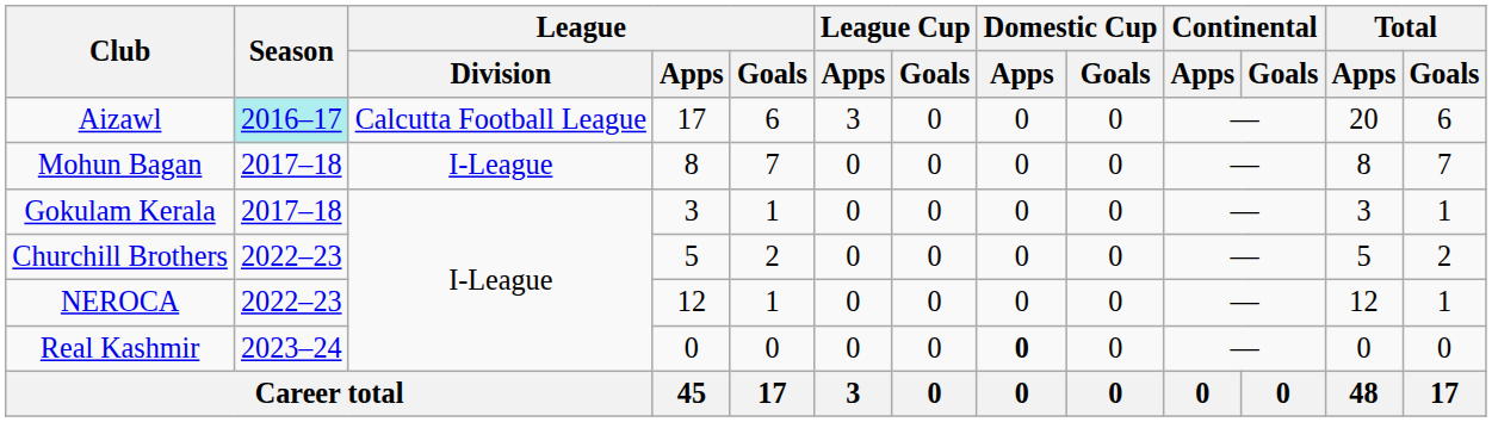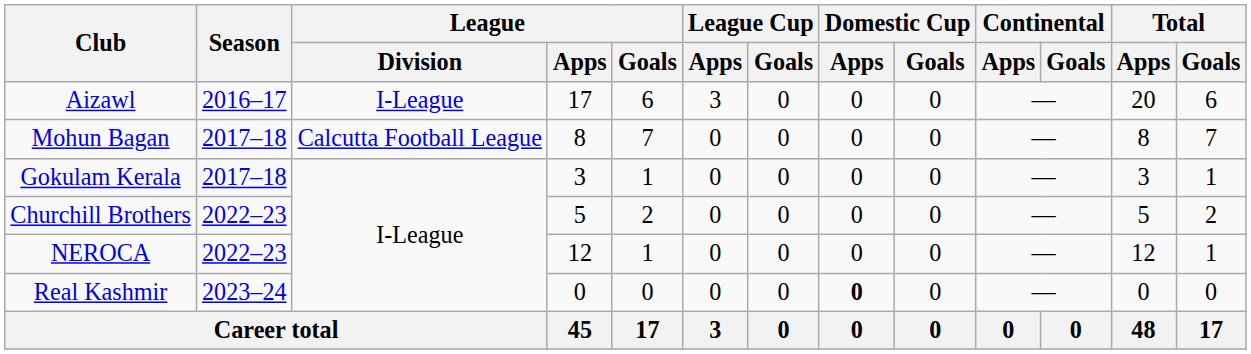 <table class="wikitable" style="text-align: center;">
 <tr>
 <th rowspan="2">Club</th>
 <th rowspan="2">Season</th>
 <th colspan="3">League</th>
 <th colspan="2">League Cup</th>
 <th colspan="2">Domestic Cup</th>
 <th colspan="2">Continental</th>
 <th colspan="2">Total</th>
 </tr>
 <tr>
 <th>Division</th>
 <th>Apps</th>
 <th>Goals</th>
 <th>Apps</th>
 <th>Goals</th>
 <th>Apps</th>
 <th>Goals</th>
 <th>Apps</th>
 <th>Goals</th>
 <th>Apps</th>
 <th>Goals</th>
 </tr>
 <tr>
 <td rowspan="1"><a href='#'>Aizawl</a></td>
-<td style="background: paleturquoise;"><a href='#'>2016–17</a></td>
-<td rowspan="1'"><a href='#'>Calcutta Football League</a></td>
+<td><a href='#'>2016–17</a></td>
+<td rowspan="1'"><a href='#'>I-League</a></td>
 <td>17</td>
 <td>6</td>
 <td>3</td>
 <td>0</td>
 <td>0</td>
 <td>0</td>
 <td colspan="2">—</td>
 <td>20</td>
 <td>6</td>
 </tr>
 <tr>
 <td rowspan="1"><a href='#'>Mohun Bagan</a></td>
 <td><a href='#'>2017–18</a></td>
-<td rowspan="1'"><a href='#'>I-League</a></td>
+<td rowspan="1'"><a href='#'>Calcutta Football League</a></td>
 <td>8</td>
 <td>7</td>
 <td>0</td>
 <td>0</td>
 <td>0</td>
 <td>0</td>
 <td colspan="2">—</td>
 <td>8</td>
 <td>7</td>
 </tr>
 <tr>
 <td rowspan="1"><a href='#'>Gokulam Kerala</a></td>
 <td><a href='#'>2017–18</a></td>
 <td rowspan="4'">I-League</td>
 <td>3</td>
 <td>1</td>
 <td>0</td>
 <td>0</td>
 <td>0</td>
 <td>0</td>
 <td colspan="2">—</td>
 <td>3</td>
 <td>1</td>
 </tr>
 <tr>
 <td rowspan="1"><a href='#'>Churchill Brothers</a></td>
 <td><a href='#'>2022–23</a></td>
 <td>5</td>
 <td>2</td>
 <td>0</td>
 <td>0</td>
 <td>0</td>
 <td>0</td>
 <td colspan="2">—</td>
 <td>5</td>
 <td>2</td>
 </tr>
 <tr>
 <td rowspan="1"><a href='#'>NEROCA</a></td>
 <td><a href='#'>2022–23</a></td>
 <td>12</td>
 <td>1</td>
 <td>0</td>
 <td>0</td>
 <td>0</td>
 <td>0</td>
 <td colspan="2">—</td>
 <td>12</td>
 <td>1</td>
 </tr>
 <tr>
 <td rowspan="1"><a href='#'>Real Kashmir</a></td>
 <td><a href='#'>2023–24</a></td>
 <td>0</td>
 <td>0</td>
 <td>0</td>
 <td>0</td>
 <td><strong>0</strong></td>
 <td>0</td>
 <td colspan="2">—</td>
 <td>0</td>
 <td>0</td>
 </tr>
 <tr>
 <th colspan="3">Career total</th>
 <th>45</th>
 <th>17</th>
 <th>3</th>
 <th>0</th>
 <th>0</th>
 <th>0</th>
 <th>0</th>
 <th>0</th>
 <th>48</th>
 <th>17</th>
 </tr>
 </table>
